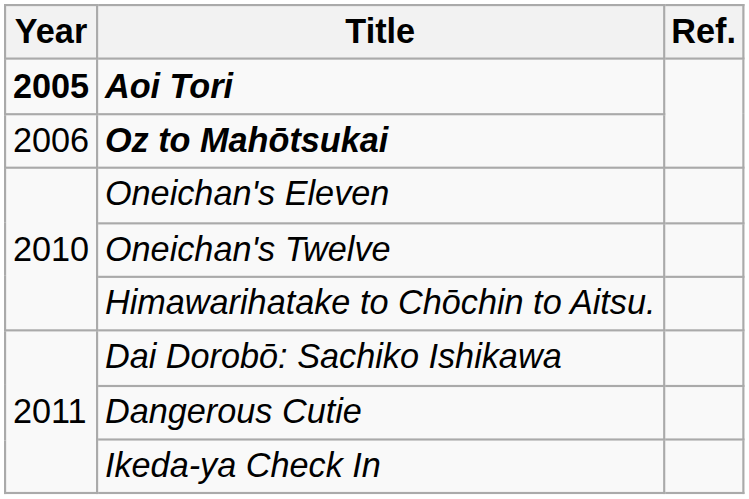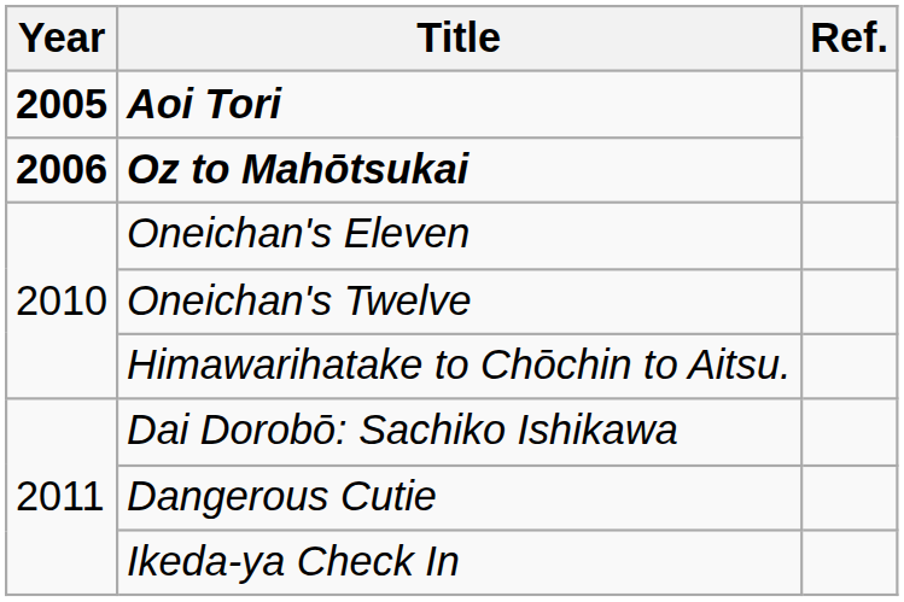 <table class="wikitable">
 <tr>
 <th>Year</th>
 <th>Title</th>
 <th>Ref.</th>
 </tr>
 <tr>
 <td><strong>2005</strong></td>
 <td><strong><em>Aoi Tori</em></strong></td>
 <td rowspan="2"></td>
 </tr>
 <tr>
-<td>2006</td>
+<td><strong>2006</strong></td>
 <td><strong><em>Oz to Mahōtsukai</em></strong></td>
 </tr>
 <tr>
 <td rowspan="3">2010</td>
 <td><em>Oneichan's Eleven</em></td>
 <td></td>
 </tr>
 <tr>
 <td><em>Oneichan's Twelve</em></td>
 <td></td>
 </tr>
 <tr>
 <td><em>Himawarihatake to Chōchin to Aitsu.</em></td>
 <td></td>
 </tr>
 <tr>
 <td rowspan="3">2011</td>
 <td><em>Dai Dorobō: Sachiko Ishikawa</em></td>
 <td></td>
 </tr>
 <tr>
 <td><em>Dangerous Cutie</em></td>
 <td></td>
 </tr>
 <tr>
 <td><em>Ikeda-ya Check In</em></td>
 <td></td>
 </tr>
 </table>
